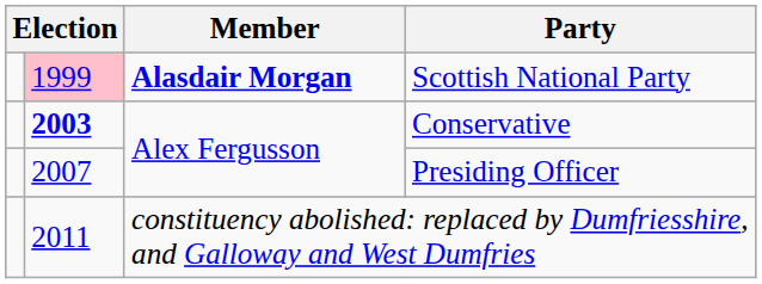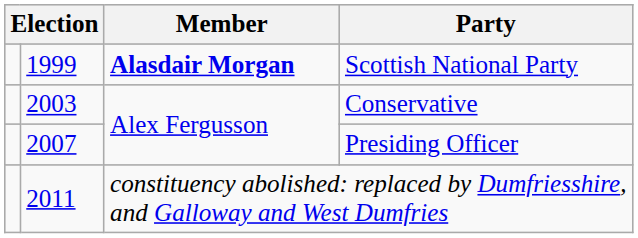 <table class="wikitable">
 <tr>
 <th colspan="2">Election</th>
 <th>Member</th>
 <th>Party</th>
 </tr>
 <tr>
 <td style="background-color: "></td>
-<td style="background: pink;"><a href='#'>1999</a></td>
+<td><a href='#'>1999</a></td>
 <td><strong><a href='#'>Alasdair Morgan</a></strong></td>
 <td><a href='#'>Scottish National Party</a></td>
 </tr>
 <tr>
 <td style="background-color: "></td>
-<td><strong><a href='#'>2003</a></strong></td>
+<td><a href='#'>2003</a></td>
 <td rowspan="2"><a href='#'>Alex Fergusson</a></td>
 <td><a href='#'>Conservative</a></td>
 </tr>
 <tr>
 <td style="background-color: "></td>
 <td><a href='#'>2007</a></td>
 <td><a href='#'>Presiding Officer</a></td>
 </tr>
 <tr>
 <td style="background-color:"></td>
 <td><a href='#'>2011</a></td>
 <td colspan="3"><em>constituency abolished: replaced by <a href='#'>Dumfriesshire</a>,<br>and <a href='#'>Galloway and West Dumfries</a></em></td>
 </tr>
 </table>
